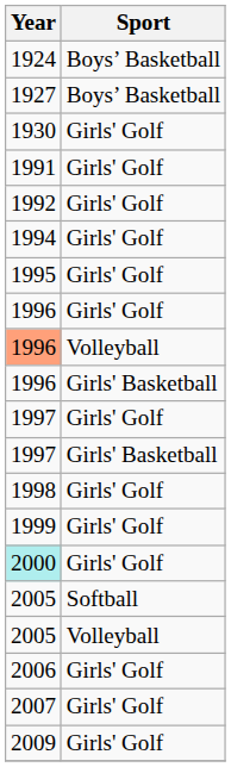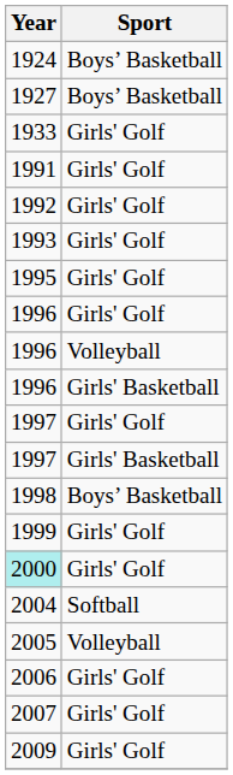 <table class="wikitable">
 <tr>
 <th>Year</th>
 <th>Sport</th>
 </tr>
 <tr>
 <td>1924</td>
 <td>Boys’ Basketball</td>
 </tr>
 <tr>
 <td>1927</td>
 <td>Boys’ Basketball</td>
 </tr>
 <tr>
-<td>1930</td>
+<td>1933</td>
 <td>Girls' Golf</td>
 </tr>
 <tr>
 <td>1991</td>
 <td>Girls' Golf</td>
 </tr>
 <tr>
 <td>1992</td>
 <td>Girls' Golf</td>
 </tr>
 <tr>
-<td>1994</td>
+<td>1993</td>
 <td>Girls' Golf</td>
 </tr>
 <tr>
 <td>1995</td>
 <td>Girls' Golf</td>
 </tr>
 <tr>
 <td>1996</td>
 <td>Girls' Golf</td>
 </tr>
 <tr>
-<td style="background: lightsalmon;">1996</td>
+<td>1996</td>
 <td>Volleyball</td>
 </tr>
 <tr>
 <td>1996</td>
 <td>Girls' Basketball</td>
 </tr>
 <tr>
 <td>1997</td>
 <td>Girls' Golf</td>
 </tr>
 <tr>
 <td>1997</td>
 <td>Girls' Basketball</td>
 </tr>
 <tr>
 <td>1998</td>
-<td>Girls' Golf</td>
+<td>Boys’ Basketball</td>
 </tr>
 <tr>
 <td>1999</td>
 <td>Girls' Golf</td>
 </tr>
 <tr>
 <td style="background: paleturquoise;">2000</td>
 <td>Girls' Golf</td>
 </tr>
 <tr>
-<td>2005</td>
+<td>2004</td>
 <td>Softball</td>
 </tr>
 <tr>
 <td>2005</td>
 <td>Volleyball</td>
 </tr>
 <tr>
 <td>2006</td>
 <td>Girls' Golf</td>
 </tr>
 <tr>
 <td>2007</td>
 <td>Girls' Golf</td>
 </tr>
 <tr>
 <td>2009</td>
 <td>Girls' Golf</td>
 </tr>
 <tr>
 </tr>
 </table>
